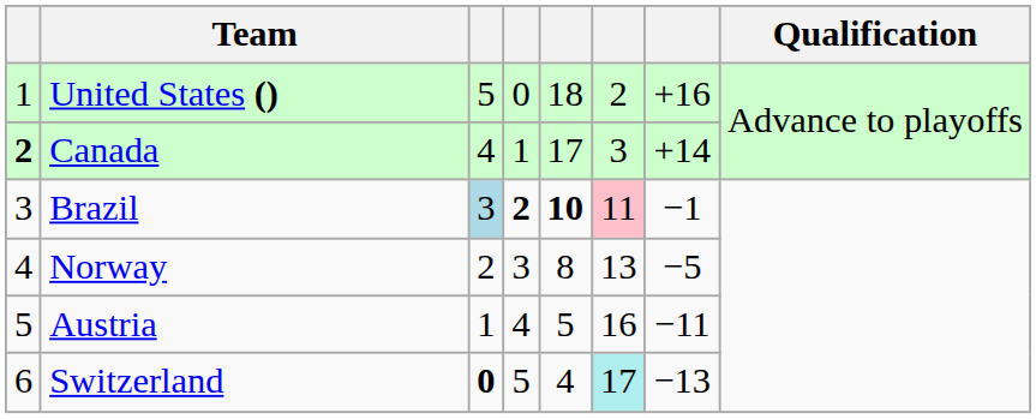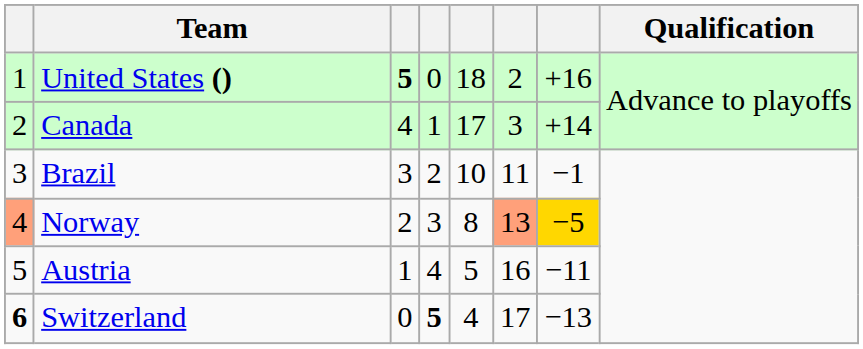 <table class=wikitable style="text-align:center;">
 <tr>
 <th></th>
 <th style="width:180px;">Team</th>
 <th></th>
 <th></th>
 <th></th>
 <th></th>
 <th></th>
 <th>Qualification</th>
 </tr>
 <tr bgcolor=#ccffcc>
 <td>1</td>
 <td align=left> <a href='#'>United States</a> <strong>()</strong></td>
-<td>5</td>
+<td><strong>5</strong></td>
 <td>0</td>
 <td>18</td>
 <td>2</td>
 <td>+16</td>
 <td rowspan=2>Advance to playoffs</td>
 </tr>
 <tr bgcolor=#ccffcc>
-<td><strong>2</strong></td>
+<td>2</td>
 <td align=left> <a href='#'>Canada</a></td>
 <td>4</td>
 <td>1</td>
 <td>17</td>
 <td>3</td>
 <td>+14</td>
 </tr>
 <tr>
 <td>3</td>
 <td align=left> <a href='#'>Brazil</a></td>
-<td style="background: lightblue;">3</td>
-<td><strong>2</strong></td>
-<td><strong>10</strong></td>
-<td style="background: pink;">11</td>
+<td>3</td>
+<td>2</td>
+<td>10</td>
+<td>11</td>
 <td>−1</td>
 <td rowspan=4></td>
 </tr>
 <tr>
-<td>4</td>
+<td style="background: lightsalmon;">4</td>
 <td align=left> <a href='#'>Norway</a></td>
 <td>2</td>
 <td>3</td>
 <td>8</td>
-<td>13</td>
-<td>−5</td>
+<td style="background: lightsalmon;">13</td>
+<td style="background: gold;">−5</td>
 </tr>
 <tr>
 <td>5</td>
 <td align=left> <a href='#'>Austria</a></td>
 <td>1</td>
 <td>4</td>
 <td>5</td>
 <td>16</td>
 <td>−11</td>
 </tr>
 <tr>
-<td>6</td>
+<td><strong>6</strong></td>
 <td align=left> <a href='#'>Switzerland</a></td>
-<td><strong>0</strong></td>
-<td>5</td>
+<td>0</td>
+<td><strong>5</strong></td>
 <td>4</td>
-<td style="background: paleturquoise;">17</td>
+<td>17</td>
 <td>−13</td>
 </tr>
 </table>
